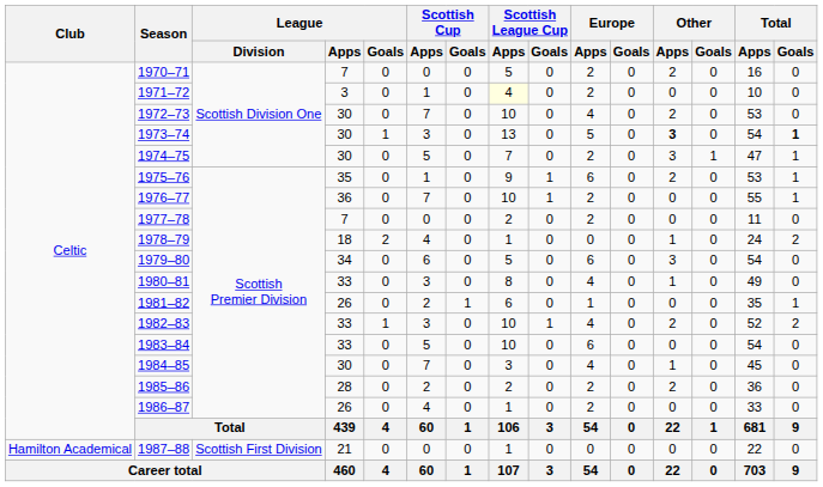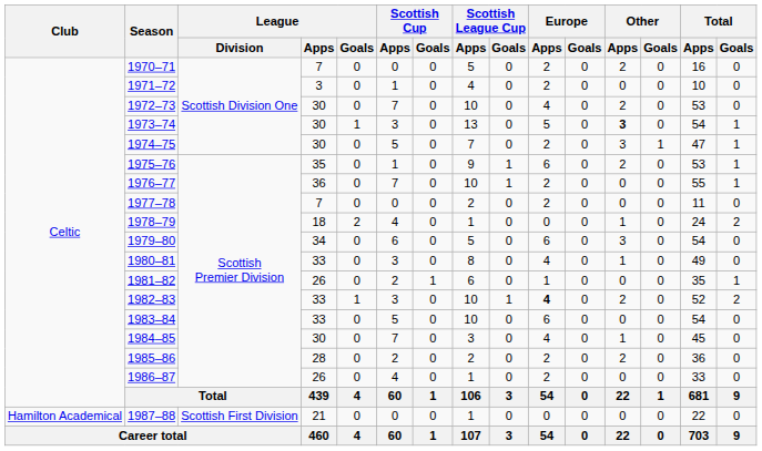 <table class="wikitable" style="text-align:center">
 <tr>
 <th rowspan="2">Club</th>
 <th rowspan="2">Season</th>
 <th colspan="3">League</th>
 <th colspan="2"><a href='#'>Scottish<br>Cup</a></th>
 <th colspan="2"><a href='#'>Scottish<br>League Cup</a></th>
 <th colspan="2">Europe</th>
 <th colspan="2">Other</th>
 <th colspan="2">Total</th>
 </tr>
 <tr>
 <th>Division</th>
 <th>Apps</th>
 <th>Goals</th>
 <th>Apps</th>
 <th>Goals</th>
 <th>Apps</th>
 <th>Goals</th>
 <th>Apps</th>
 <th>Goals</th>
 <th>Apps</th>
 <th>Goals</th>
 <th>Apps</th>
 <th>Goals</th>
 </tr>
 <tr>
 <td rowspan="18"><a href='#'>Celtic</a></td>
 <td><a href='#'>1970–71</a></td>
 <td rowspan="5"><a href='#'>Scottish Division One</a></td>
 <td>7</td>
 <td>0</td>
 <td>0</td>
 <td>0</td>
 <td>5</td>
 <td>0</td>
 <td>2</td>
 <td>0</td>
 <td>2</td>
 <td>0</td>
 <td>16</td>
 <td>0</td>
 </tr>
 <tr>
 <td><a href='#'>1971–72</a></td>
 <td>3</td>
 <td>0</td>
 <td>1</td>
 <td>0</td>
-<td style="background: lightyellow;">4</td>
+<td>4</td>
 <td>0</td>
 <td>2</td>
 <td>0</td>
 <td>0</td>
 <td>0</td>
 <td>10</td>
 <td>0</td>
 </tr>
 <tr>
 <td><a href='#'>1972–73</a></td>
 <td>30</td>
 <td>0</td>
 <td>7</td>
 <td>0</td>
 <td>10</td>
 <td>0</td>
 <td>4</td>
 <td>0</td>
 <td>2</td>
 <td>0</td>
 <td>53</td>
 <td>0</td>
 </tr>
 <tr>
 <td><a href='#'>1973–74</a></td>
 <td>30</td>
 <td>1</td>
 <td>3</td>
 <td>0</td>
 <td>13</td>
 <td>0</td>
 <td>5</td>
 <td>0</td>
 <td><strong>3</strong></td>
 <td>0</td>
 <td>54</td>
-<td><strong>1</strong></td>
+<td>1</td>
 </tr>
 <tr>
 <td><a href='#'>1974–75</a></td>
 <td>30</td>
 <td>0</td>
 <td>5</td>
 <td>0</td>
 <td>7</td>
 <td>0</td>
 <td>2</td>
 <td>0</td>
 <td>3</td>
 <td>1</td>
 <td>47</td>
 <td>1</td>
 </tr>
 <tr>
 <td><a href='#'>1975–76</a></td>
 <td rowspan=12><a href='#'>Scottish<br>Premier Division</a></td>
 <td>35</td>
 <td>0</td>
 <td>1</td>
 <td>0</td>
 <td>9</td>
 <td>1</td>
 <td>6</td>
 <td>0</td>
 <td>2</td>
 <td>0</td>
 <td>53</td>
 <td>1</td>
 </tr>
 <tr>
 <td><a href='#'>1976–77</a></td>
 <td>36</td>
 <td>0</td>
 <td>7</td>
 <td>0</td>
 <td>10</td>
 <td>1</td>
 <td>2</td>
 <td>0</td>
 <td>0</td>
 <td>0</td>
 <td>55</td>
 <td>1</td>
 </tr>
 <tr>
 <td><a href='#'>1977–78</a></td>
 <td>7</td>
 <td>0</td>
 <td>0</td>
 <td>0</td>
 <td>2</td>
 <td>0</td>
 <td>2</td>
 <td>0</td>
 <td>0</td>
 <td>0</td>
 <td>11</td>
 <td>0</td>
 </tr>
 <tr>
 <td><a href='#'>1978–79</a></td>
 <td>18</td>
 <td>2</td>
 <td>4</td>
 <td>0</td>
 <td>1</td>
 <td>0</td>
 <td>0</td>
 <td>0</td>
 <td>1</td>
 <td>0</td>
 <td>24</td>
 <td>2</td>
 </tr>
 <tr>
 <td><a href='#'>1979–80</a></td>
 <td>34</td>
 <td>0</td>
 <td>6</td>
 <td>0</td>
 <td>5</td>
 <td>0</td>
 <td>6</td>
 <td>0</td>
 <td>3</td>
 <td>0</td>
 <td>54</td>
 <td>0</td>
 </tr>
 <tr>
 <td><a href='#'>1980–81</a></td>
 <td>33</td>
 <td>0</td>
 <td>3</td>
 <td>0</td>
 <td>8</td>
 <td>0</td>
 <td>4</td>
 <td>0</td>
 <td>1</td>
 <td>0</td>
 <td>49</td>
 <td>0</td>
 </tr>
 <tr>
 <td><a href='#'>1981–82</a></td>
 <td>26</td>
 <td>0</td>
 <td>2</td>
 <td>1</td>
 <td>6</td>
 <td>0</td>
 <td>1</td>
 <td>0</td>
 <td>0</td>
 <td>0</td>
 <td>35</td>
 <td>1</td>
 </tr>
 <tr>
 <td><a href='#'>1982–83</a></td>
 <td>33</td>
 <td>1</td>
 <td>3</td>
 <td>0</td>
 <td>10</td>
 <td>1</td>
-<td>4</td>
+<td><strong>4</strong></td>
 <td>0</td>
 <td>2</td>
 <td>0</td>
 <td>52</td>
 <td>2</td>
 </tr>
 <tr>
 <td><a href='#'>1983–84</a></td>
 <td>33</td>
 <td>0</td>
 <td>5</td>
 <td>0</td>
 <td>10</td>
 <td>0</td>
 <td>6</td>
 <td>0</td>
 <td>0</td>
 <td>0</td>
 <td>54</td>
 <td>0</td>
 </tr>
 <tr>
 <td><a href='#'>1984–85</a></td>
 <td>30</td>
 <td>0</td>
 <td>7</td>
 <td>0</td>
 <td>3</td>
 <td>0</td>
 <td>4</td>
 <td>0</td>
 <td>1</td>
 <td>0</td>
 <td>45</td>
 <td>0</td>
 </tr>
 <tr>
 <td><a href='#'>1985–86</a></td>
 <td>28</td>
 <td>0</td>
 <td>2</td>
 <td>0</td>
 <td>2</td>
 <td>0</td>
 <td>2</td>
 <td>0</td>
 <td>2</td>
 <td>0</td>
 <td>36</td>
 <td>0</td>
 </tr>
 <tr>
 <td><a href='#'>1986–87</a></td>
 <td>26</td>
 <td>0</td>
 <td>4</td>
 <td>0</td>
 <td>1</td>
 <td>0</td>
 <td>2</td>
 <td>0</td>
 <td>0</td>
 <td>0</td>
 <td>33</td>
 <td>0</td>
 </tr>
 <tr>
 <th colspan="2">Total</th>
 <th>439</th>
 <th>4</th>
 <th>60</th>
 <th>1</th>
 <th>106</th>
 <th>3</th>
 <th>54</th>
 <th>0</th>
 <th>22</th>
 <th>1</th>
 <th>681</th>
 <th>9</th>
 </tr>
 <tr>
 <td><a href='#'>Hamilton Academical</a></td>
 <td><a href='#'>1987–88</a></td>
 <td><a href='#'>Scottish First Division</a></td>
 <td>21</td>
 <td>0</td>
 <td>0</td>
 <td>0</td>
 <td>1</td>
 <td>0</td>
 <td>0</td>
 <td>0</td>
 <td>0</td>
 <td>0</td>
 <td>22</td>
 <td>0</td>
 </tr>
 <tr>
 <th colspan="3">Career total</th>
 <th>460</th>
 <th>4</th>
 <th>60</th>
 <th>1</th>
 <th>107</th>
 <th>3</th>
 <th>54</th>
 <th>0</th>
 <th>22</th>
 <th>0</th>
 <th>703</th>
 <th>9</th>
 </tr>
 </table>
